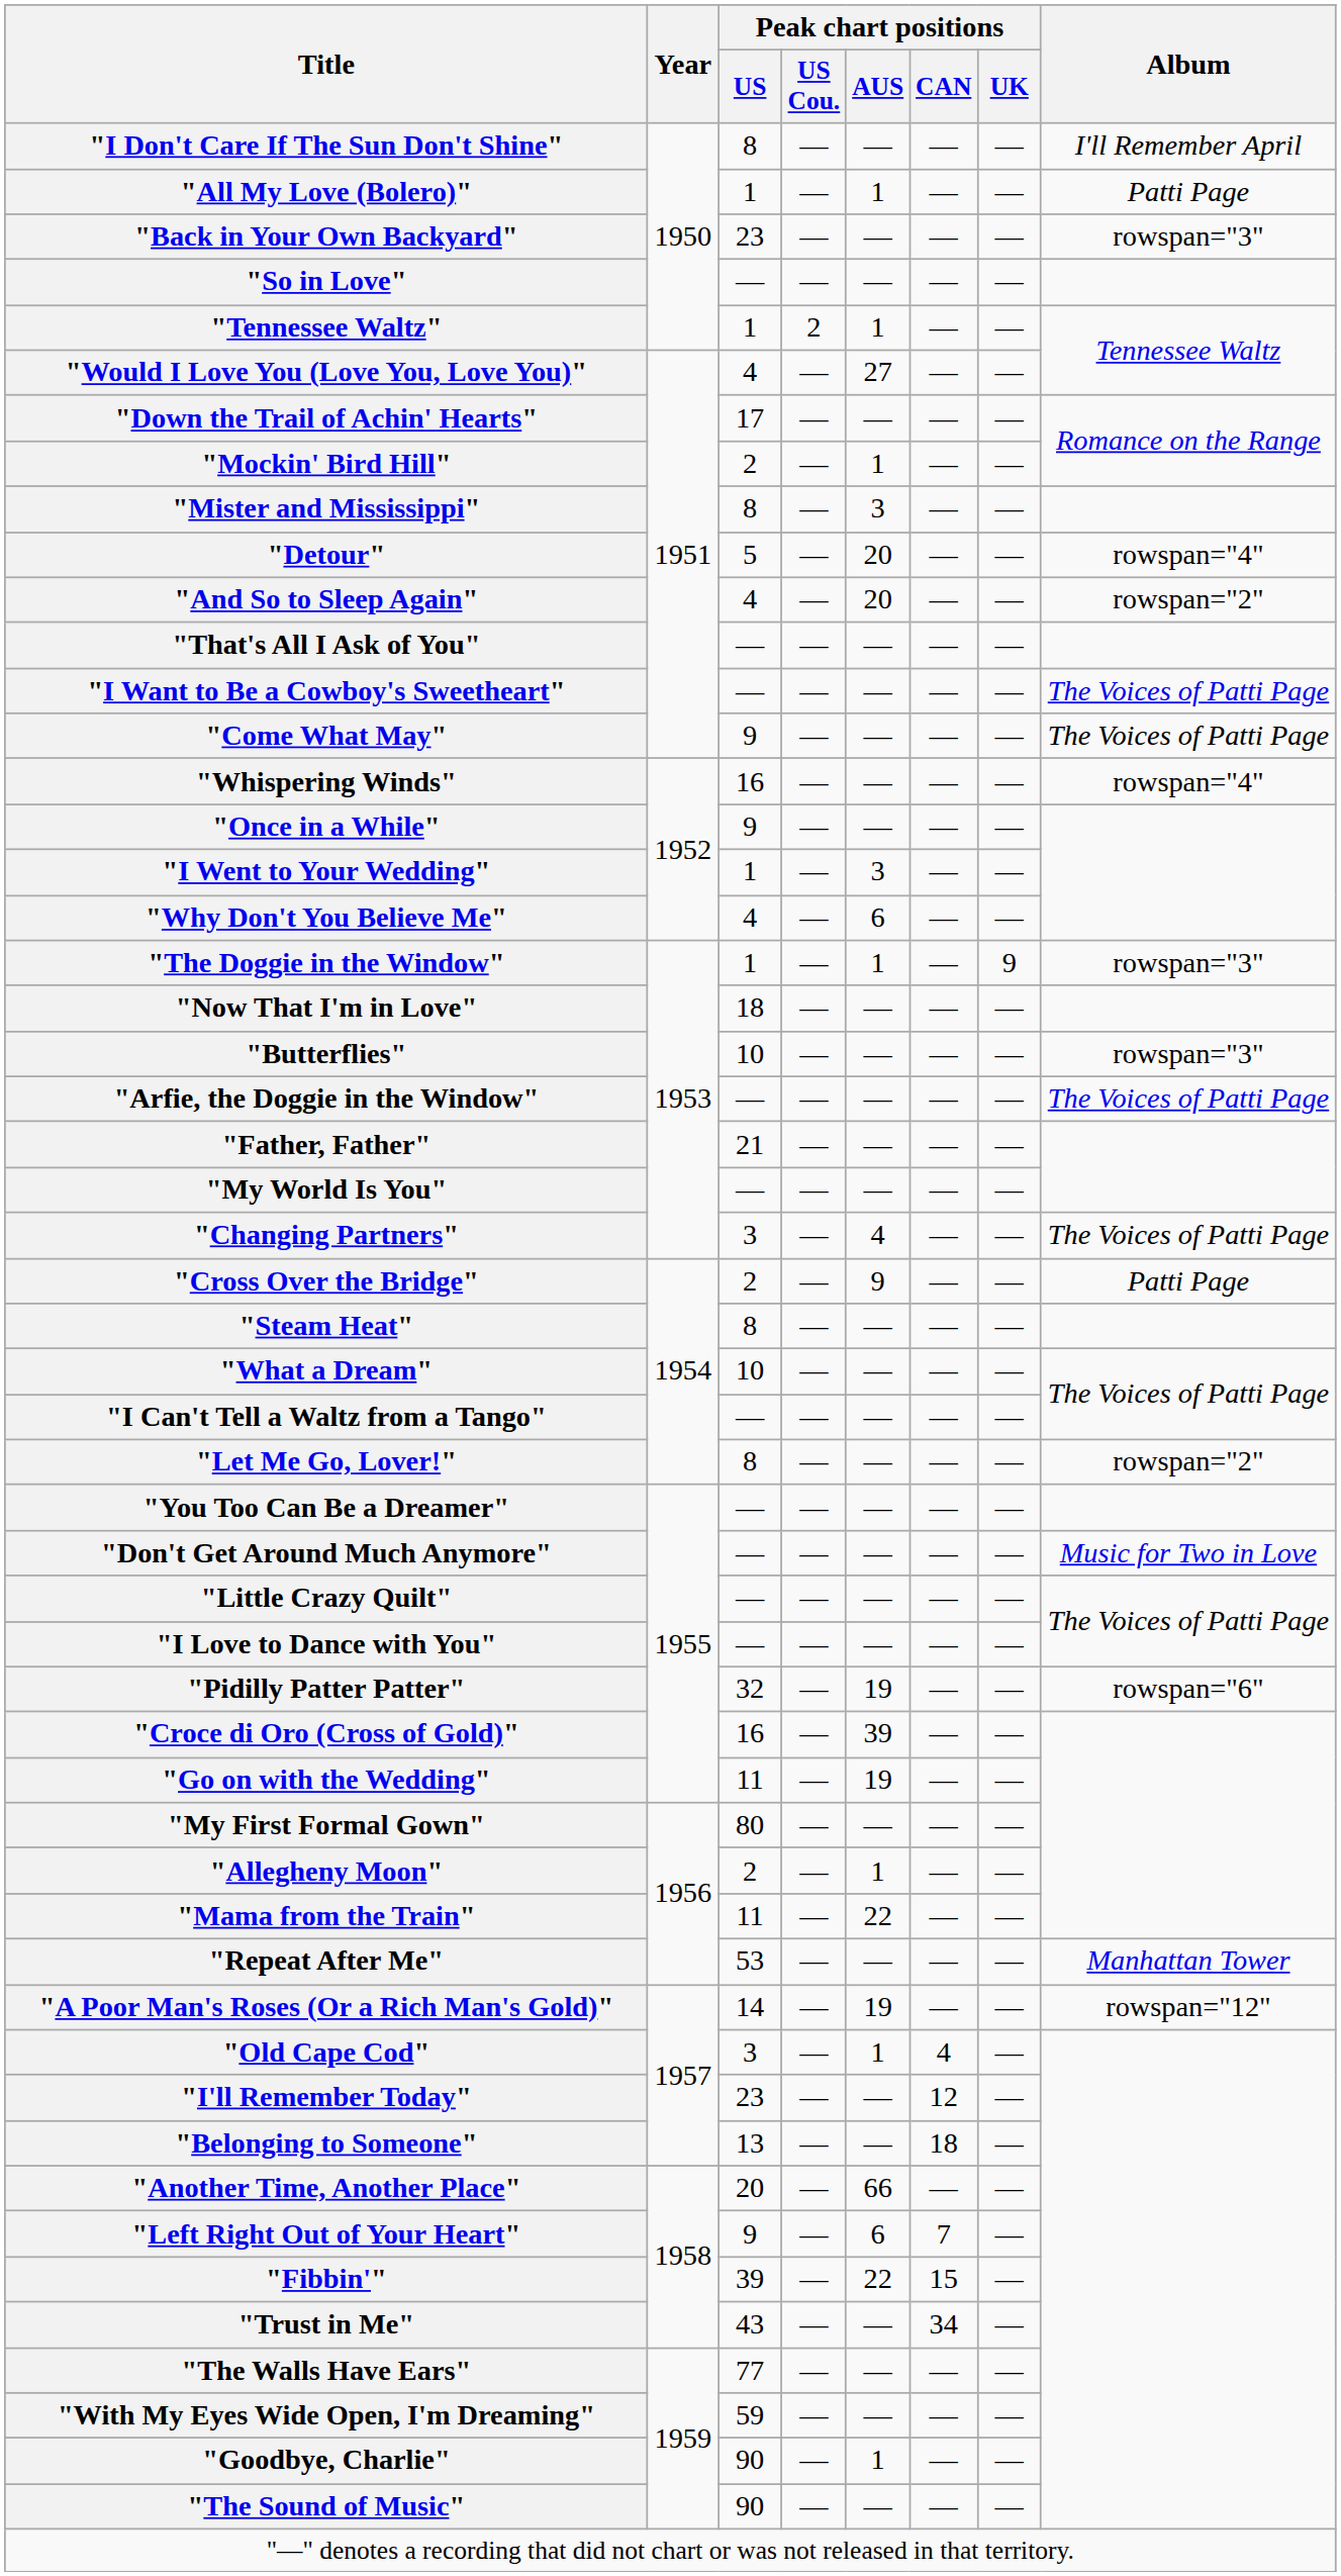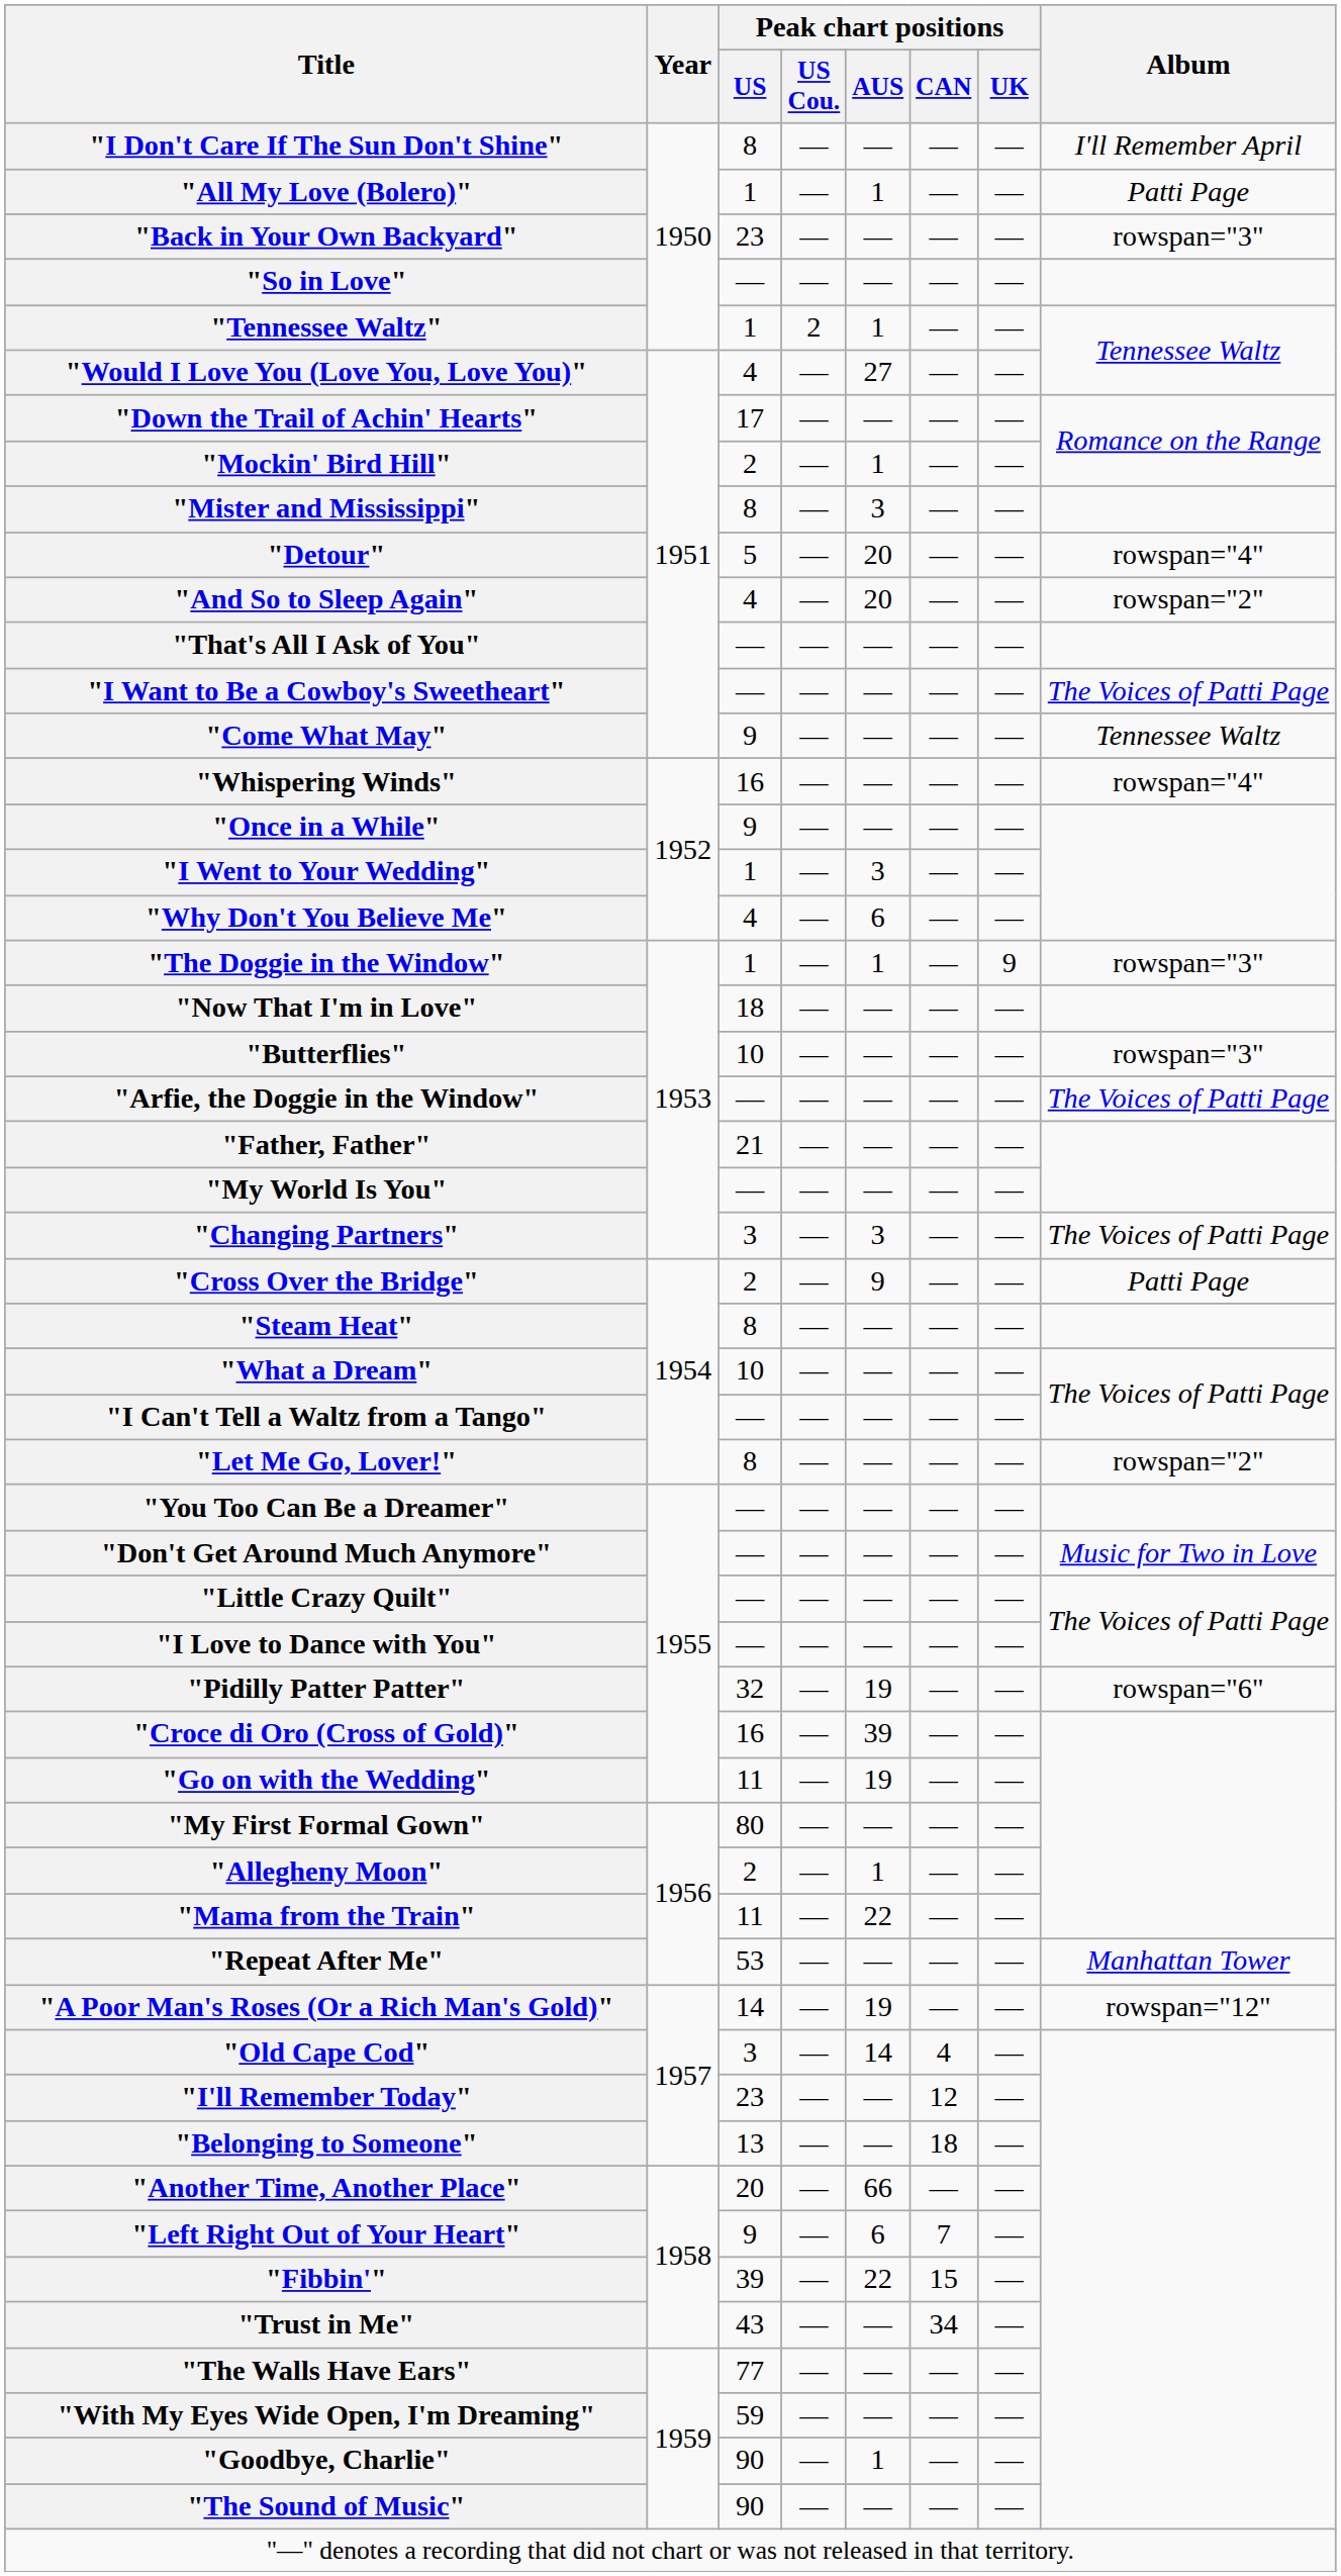 <table class="wikitable plainrowheaders" style="text-align:center;" border="1">
 <tr>
 <th scope="col" rowspan="2" style="width:22em;">Title</th>
 <th scope="col" rowspan="2">Year</th>
 <th scope="col" colspan="5">Peak chart positions</th>
 <th scope="col" rowspan="2">Album</th>
 </tr>
 <tr>
 <th scope="col" style="width:2em;font-size:90%;"><a href='#'>US</a><br></th>
 <th scope="col" style="width:2em;font-size:90%;"><a href='#'>US<br>Cou.</a><br></th>
 <th scope="col" style="width:2em;font-size:90%;"><a href='#'>AUS</a><br></th>
 <th scope="col" style="width:2em;font-size:90%;"><a href='#'>CAN</a><br></th>
 <th scope="col" style="width:2em;font-size:90%;"><a href='#'>UK</a><br></th>
 </tr>
 <tr>
 <th scope="row">"<a href='#'>I Don't Care If The Sun Don't Shine</a>"</th>
 <td rowspan="5">1950</td>
 <td>8</td>
 <td>—</td>
 <td>—</td>
 <td>—</td>
 <td>—</td>
 <td><em>I'll Remember April</em></td>
 </tr>
 <tr>
 <th scope="row">"<a href='#'>All My Love (Bolero)</a>"</th>
 <td>1</td>
 <td>—</td>
 <td>1</td>
 <td>—</td>
 <td>—</td>
 <td><em>Patti Page</em></td>
 </tr>
 <tr>
 <th scope="row">"<a href='#'>Back in Your Own Backyard</a>"</th>
 <td>23</td>
 <td>—</td>
 <td>—</td>
 <td>—</td>
 <td>—</td>
 <td>rowspan="3" </td>
 </tr>
 <tr>
 <th scope="row">"<a href='#'>So in Love</a>"</th>
 <td>—</td>
 <td>—</td>
 <td>—</td>
 <td>—</td>
 <td>—</td>
 </tr>
 <tr>
 <th scope="row">"<a href='#'>Tennessee Waltz</a>"</th>
 <td>1</td>
 <td>2</td>
 <td>1</td>
 <td>—</td>
 <td>—</td>
 <td rowspan="2"><em><a href='#'>Tennessee Waltz</a></em></td>
 </tr>
 <tr>
 <th scope="row">"<a href='#'>Would I Love You (Love You, Love You)</a>"</th>
 <td rowspan="9">1951</td>
 <td>4</td>
 <td>—</td>
 <td>27</td>
 <td>—</td>
 <td>—</td>
 </tr>
 <tr>
 <th scope="row">"<a href='#'>Down the Trail of Achin' Hearts</a>"</th>
 <td>17</td>
 <td>—</td>
 <td>—</td>
 <td>—</td>
 <td>—</td>
 <td rowspan="2"><em><a href='#'>Romance on the Range</a></em></td>
 </tr>
 <tr>
 <th scope="row">"<a href='#'>Mockin' Bird Hill</a>"</th>
 <td>2</td>
 <td>—</td>
 <td>1</td>
 <td>—</td>
 <td>—</td>
 </tr>
 <tr>
 <th scope="row">"<a href='#'>Mister and Mississippi</a>"</th>
 <td>8</td>
 <td>—</td>
 <td>3</td>
 <td>—</td>
 <td>—</td>
 <td></td>
 </tr>
 <tr>
 <th scope="row">"<a href='#'>Detour</a>"</th>
 <td>5</td>
 <td>—</td>
 <td>20</td>
 <td>—</td>
 <td>—</td>
 <td>rowspan="4" </td>
 </tr>
 <tr>
 <th scope="row">"<a href='#'>And So to Sleep Again</a>"</th>
 <td>4</td>
 <td>—</td>
 <td>20</td>
 <td>—</td>
 <td>—</td>
 <td>rowspan="2" </td>
 </tr>
 <tr>
 <th scope="row">"That's All I Ask of You"</th>
 <td>—</td>
 <td>—</td>
 <td>—</td>
 <td>—</td>
 <td>—</td>
 </tr>
 <tr>
 <th scope="row">"<a href='#'>I Want to Be a Cowboy's Sweetheart</a>"</th>
 <td>—</td>
 <td>—</td>
 <td>—</td>
 <td>—</td>
 <td>—</td>
 <td><em><a href='#'>The Voices of Patti Page</a></em></td>
 </tr>
 <tr>
 <th scope="row">"<a href='#'>Come What May</a>"</th>
 <td>9</td>
 <td>—</td>
 <td>—</td>
 <td>—</td>
 <td>—</td>
-<td><em>The Voices of Patti Page</em></td>
+<td><em>Tennessee Waltz</em></td>
 </tr>
 <tr>
 <th scope="row">"Whispering Winds"</th>
 <td rowspan="4">1952</td>
 <td>16</td>
 <td>—</td>
 <td>—</td>
 <td>—</td>
 <td>—</td>
 <td>rowspan="4" </td>
 </tr>
 <tr>
 <th scope="row">"<a href='#'>Once in a While</a>"</th>
 <td>9</td>
 <td>—</td>
 <td>—</td>
 <td>—</td>
 <td>—</td>
 </tr>
 <tr>
 <th scope="row">"<a href='#'>I Went to Your Wedding</a>"</th>
 <td>1</td>
 <td>—</td>
 <td>3</td>
 <td>—</td>
 <td>—</td>
 </tr>
 <tr>
 <th scope="row">"<a href='#'>Why Don't You Believe Me</a>"</th>
 <td>4</td>
 <td>—</td>
 <td>6</td>
 <td>—</td>
 <td>—</td>
 </tr>
 <tr>
 <th scope="row">"<a href='#'>The Doggie in the Window</a>"</th>
 <td rowspan="7">1953</td>
 <td>1</td>
 <td>—</td>
 <td>1</td>
 <td>—</td>
 <td>9</td>
 <td>rowspan="3" </td>
 </tr>
 <tr>
 <th scope="row">"Now That I'm in Love"</th>
 <td>18</td>
 <td>—</td>
 <td>—</td>
 <td>—</td>
 <td>—</td>
 <td></td>
 </tr>
 <tr>
 <th scope="row">"Butterflies"</th>
 <td>10</td>
 <td>—</td>
 <td>—</td>
 <td>—</td>
 <td>—</td>
 <td>rowspan="3" </td>
 </tr>
 <tr>
 <th scope="row">"Arfie, the Doggie in the Window"</th>
 <td>—</td>
 <td>—</td>
 <td>—</td>
 <td>—</td>
 <td>—</td>
 <td><em><a href='#'>The Voices of Patti Page</a></em></td>
 </tr>
 <tr>
 <th scope="row">"Father, Father"</th>
 <td>21</td>
 <td>—</td>
 <td>—</td>
 <td>—</td>
 <td>—</td>
 </tr>
 <tr>
 <th scope="row">"My World Is You"</th>
 <td>—</td>
 <td>—</td>
 <td>—</td>
 <td>—</td>
 <td>—</td>
 </tr>
 <tr>
 <th scope="row">"<a href='#'>Changing Partners</a>"</th>
 <td>3</td>
 <td>—</td>
-<td>4</td>
+<td>3</td>
 <td>—</td>
 <td>—</td>
 <td><em>The Voices of Patti Page</em></td>
 </tr>
 <tr>
 <th scope="row">"<a href='#'>Cross Over the Bridge</a>"</th>
 <td rowspan="5">1954</td>
 <td>2</td>
 <td>—</td>
 <td>9</td>
 <td>—</td>
 <td>—</td>
 <td><em>Patti Page</em></td>
 </tr>
 <tr>
 <th scope="row">"<a href='#'>Steam Heat</a>"</th>
 <td>8</td>
 <td>—</td>
 <td>—</td>
 <td>—</td>
 <td>—</td>
 </tr>
 <tr>
 <th scope="row">"<a href='#'>What a Dream</a>"</th>
 <td>10</td>
 <td>—</td>
 <td>—</td>
 <td>—</td>
 <td>—</td>
 <td rowspan="2"><em>The Voices of Patti Page</em></td>
 </tr>
 <tr>
 <th scope="row">"I Can't Tell a Waltz from a Tango"</th>
 <td>—</td>
 <td>—</td>
 <td>—</td>
 <td>—</td>
 <td>—</td>
 </tr>
 <tr>
 <th scope="row">"<a href='#'>Let Me Go, Lover!</a>"</th>
 <td>8</td>
 <td>—</td>
 <td>—</td>
 <td>—</td>
 <td>—</td>
 <td>rowspan="2" </td>
 </tr>
 <tr>
 <th scope="row">"You Too Can Be a Dreamer"</th>
 <td rowspan="7">1955</td>
 <td>—</td>
 <td>—</td>
 <td>—</td>
 <td>—</td>
 <td>—</td>
 </tr>
 <tr>
 <th scope="row">"Don't Get Around Much Anymore"</th>
 <td>—</td>
 <td>—</td>
 <td>—</td>
 <td>—</td>
 <td>—</td>
 <td><em><a href='#'>Music for Two in Love</a></em></td>
 </tr>
 <tr>
 <th scope="row">"Little Crazy Quilt"</th>
 <td>—</td>
 <td>—</td>
 <td>—</td>
 <td>—</td>
 <td>—</td>
 <td rowspan="2"><em>The Voices of Patti Page</em></td>
 </tr>
 <tr>
 <th scope="row">"I Love to Dance with You"</th>
 <td>—</td>
 <td>—</td>
 <td>—</td>
 <td>—</td>
 <td>—</td>
 </tr>
 <tr>
 <th scope="row">"Pidilly Patter Patter"</th>
 <td>32</td>
 <td>—</td>
 <td>19</td>
 <td>—</td>
 <td>—</td>
 <td>rowspan="6" </td>
 </tr>
 <tr>
 <th scope="row">"<a href='#'>Croce di Oro (Cross of Gold)</a>"</th>
 <td>16</td>
 <td>—</td>
 <td>39</td>
 <td>—</td>
 <td>—</td>
 </tr>
 <tr>
 <th scope="row">"<a href='#'>Go on with the Wedding</a>"</th>
 <td>11</td>
 <td>—</td>
 <td>19</td>
 <td>—</td>
 <td>—</td>
 </tr>
 <tr>
 <th scope="row">"My First Formal Gown"</th>
 <td rowspan="4">1956</td>
 <td>80</td>
 <td>—</td>
 <td>—</td>
 <td>—</td>
 <td>—</td>
 </tr>
 <tr>
 <th scope="row">"<a href='#'>Allegheny Moon</a>"</th>
 <td>2</td>
 <td>—</td>
 <td>1</td>
 <td>—</td>
 <td>—</td>
 </tr>
 <tr>
 <th scope="row">"<a href='#'>Mama from the Train</a>"</th>
 <td>11</td>
 <td>—</td>
 <td>22</td>
 <td>—</td>
 <td>—</td>
 </tr>
 <tr>
 <th scope="row">"Repeat After Me"</th>
 <td>53</td>
 <td>—</td>
 <td>—</td>
 <td>—</td>
 <td>—</td>
 <td><em><a href='#'>Manhattan Tower</a></em></td>
 </tr>
 <tr>
 <th scope="row">"<a href='#'>A Poor Man's Roses (Or a Rich Man's Gold)</a>"</th>
 <td rowspan="4">1957</td>
 <td>14</td>
 <td>—</td>
 <td>19</td>
 <td>—</td>
 <td>—</td>
 <td>rowspan="12" </td>
 </tr>
 <tr>
 <th scope="row">"<a href='#'>Old Cape Cod</a>"</th>
 <td>3</td>
 <td>—</td>
-<td>1</td>
+<td>14</td>
 <td>4</td>
 <td>—</td>
 </tr>
 <tr>
 <th scope="row">"<a href='#'>I'll Remember Today</a>"</th>
 <td>23</td>
 <td>—</td>
 <td>—</td>
 <td>12</td>
 <td>—</td>
 </tr>
 <tr>
 <th scope="row">"<a href='#'>Belonging to Someone</a>"</th>
 <td>13</td>
 <td>—</td>
 <td>—</td>
 <td>18</td>
 <td>—</td>
 </tr>
 <tr>
 <th scope="row">"<a href='#'>Another Time, Another Place</a>"</th>
 <td rowspan="4">1958</td>
 <td>20</td>
 <td>—</td>
 <td>66</td>
 <td>—</td>
 <td>—</td>
 </tr>
 <tr>
 <th scope="row">"<a href='#'>Left Right Out of Your Heart</a>"</th>
 <td>9</td>
 <td>—</td>
 <td>6</td>
 <td>7</td>
 <td>—</td>
 </tr>
 <tr>
 <th scope="row">"<a href='#'>Fibbin'</a>"</th>
 <td>39</td>
 <td>—</td>
 <td>22</td>
 <td>15</td>
 <td>—</td>
 </tr>
 <tr>
 <th scope="row">"Trust in Me"</th>
 <td>43</td>
 <td>—</td>
 <td>—</td>
 <td>34</td>
 <td>—</td>
 </tr>
 <tr>
 <th scope="row">"The Walls Have Ears"</th>
 <td rowspan="4">1959</td>
 <td>77</td>
 <td>—</td>
 <td>—</td>
 <td>—</td>
 <td>—</td>
 </tr>
 <tr>
 <th scope="row">"With My Eyes Wide Open, I'm Dreaming"</th>
 <td>59</td>
 <td>—</td>
 <td>—</td>
 <td>—</td>
 <td>—</td>
 </tr>
 <tr>
 <th scope="row">"Goodbye, Charlie"</th>
 <td>90</td>
 <td>—</td>
 <td>1</td>
 <td>—</td>
 <td>—</td>
 </tr>
 <tr>
 <th scope="row">"<a href='#'>The Sound of Music</a>"</th>
 <td>90</td>
 <td>—</td>
 <td>—</td>
 <td>—</td>
 <td>—</td>
 </tr>
 <tr>
 <td colspan="8" style="font-size:90%">"—" denotes a recording that did not chart or was not released in that territory.</td>
 </tr>
 </table>
